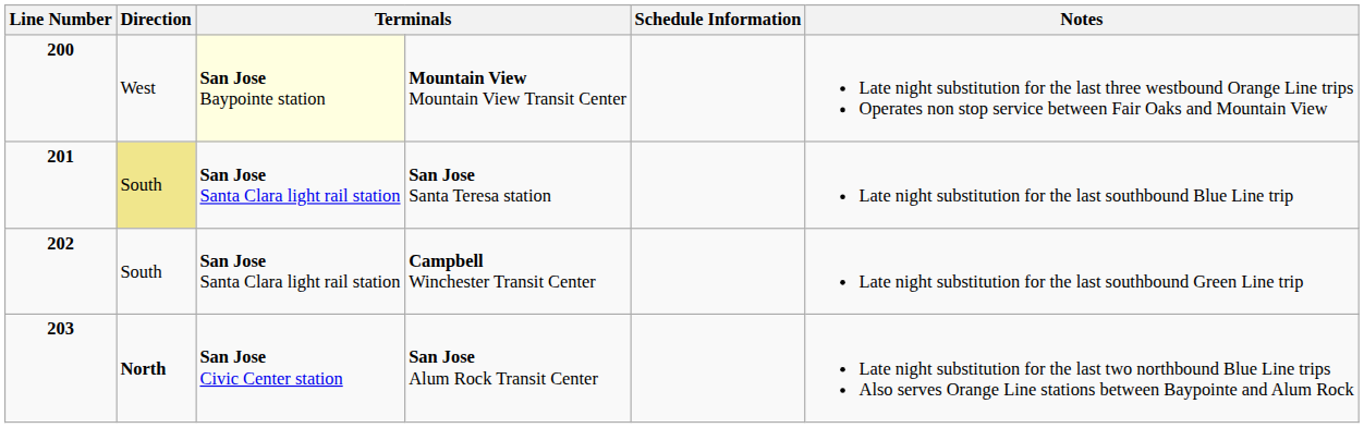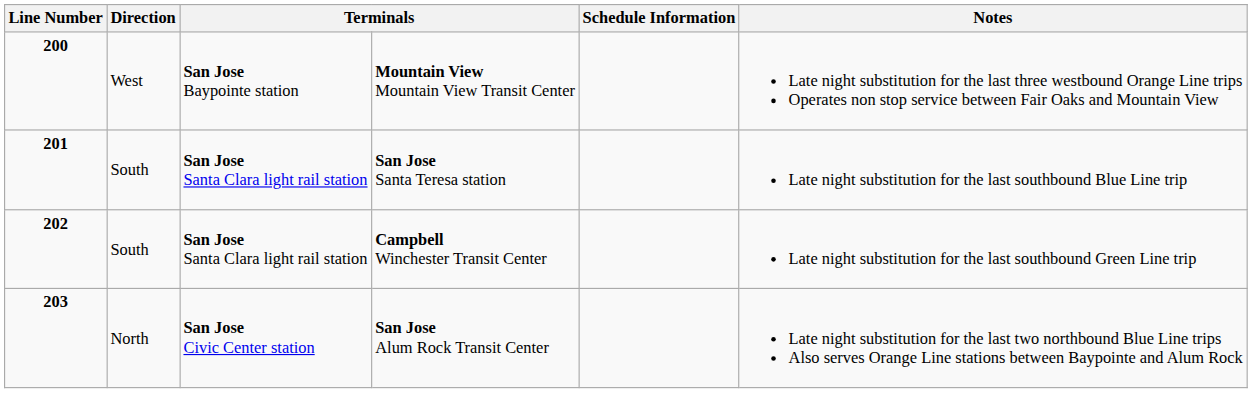 <table class="wikitable" style="font-size: 90%;" |>
 <tr>
 <th>Line Number</th>
 <th>Direction</th>
 <th colspan="2">Terminals</th>
 <th>Schedule Information</th>
 <th>Notes</th>
 </tr>
 <tr>
 <td style="vertical-align:top" align="center"><div><strong>200</strong></div></td>
 <td>West</td>
-<td style="background: lightyellow;"><strong>San Jose</strong><br>Baypointe station</td>
+<td><strong>San Jose</strong><br>Baypointe station</td>
 <td><strong>Mountain View</strong><br>Mountain View Transit Center</td>
 <td></td>
 <td><br><ul><li>Late night substitution for the last three westbound Orange Line trips</li><li>Operates non stop service between Fair Oaks and Mountain View</li></ul></td>
 </tr>
 <tr>
 <td style="vertical-align:top" align="center"><div><strong>201</strong></div></td>
-<td style="background: khaki;">South</td>
+<td>South</td>
 <td><strong>San Jose</strong><br><a href='#'>Santa Clara light rail station</a></td>
 <td><strong>San Jose</strong><br>Santa Teresa station</td>
 <td></td>
 <td><br><ul><li>Late night substitution for the last southbound Blue Line trip</li></ul></td>
 </tr>
 <tr>
 <td style="vertical-align:top" align="center"><div><strong>202</strong></div></td>
 <td>South</td>
 <td><strong>San Jose</strong><br>Santa Clara light rail station</td>
 <td><strong>Campbell</strong><br>Winchester Transit Center</td>
 <td></td>
 <td><br><ul><li>Late night substitution for the last southbound Green Line trip</li></ul></td>
 </tr>
 <tr>
 <td style="vertical-align:top" align="center"><div><strong>203</strong></div></td>
-<td><strong>North</strong></td>
+<td>North</td>
 <td><strong>San Jose</strong><br><a href='#'>Civic Center station</a></td>
 <td><strong>San Jose</strong><br>Alum Rock Transit Center</td>
 <td></td>
 <td><br><ul><li>Late night substitution for the last two northbound Blue Line trips</li><li>Also serves Orange Line stations between Baypointe and Alum Rock</li></ul></td>
 </tr>
 </table>
